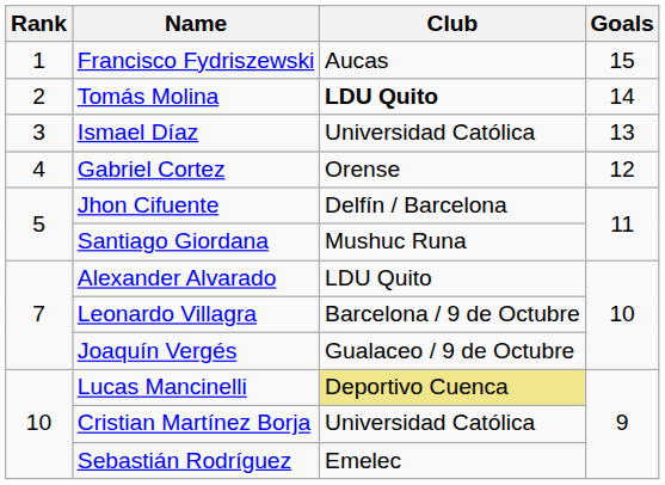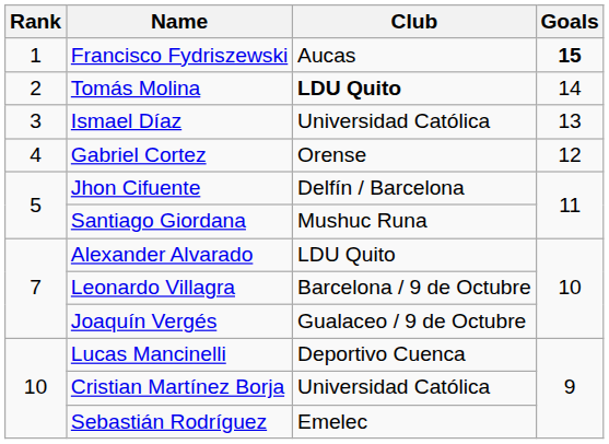 <table class="wikitable" border="1">
 <tr>
 <th>Rank</th>
 <th>Name</th>
 <th>Club</th>
 <th>Goals</th>
 </tr>
 <tr>
 <td align=center>1</td>
 <td> <a href='#'>Francisco Fydriszewski</a></td>
 <td>Aucas</td>
-<td align=center>15</td>
+<td align=center><strong>15</strong></td>
 </tr>
 <tr>
 <td align=center>2</td>
 <td> <a href='#'>Tomás Molina</a></td>
 <td><strong>LDU Quito</strong></td>
 <td align=center>14</td>
 </tr>
 <tr>
 <td align=center>3</td>
 <td> <a href='#'>Ismael Díaz</a></td>
 <td>Universidad Católica</td>
 <td align=center>13</td>
 </tr>
 <tr>
 <td align=center>4</td>
 <td> <a href='#'>Gabriel Cortez</a></td>
 <td>Orense</td>
 <td align=center>12</td>
 </tr>
 <tr>
 <td rowspan=2 align=center>5</td>
 <td> <a href='#'>Jhon Cifuente</a></td>
 <td>Delfín / Barcelona</td>
 <td rowspan=2 align=center>11</td>
 </tr>
 <tr>
 <td> <a href='#'>Santiago Giordana</a></td>
 <td>Mushuc Runa</td>
 </tr>
 <tr>
 <td rowspan=3 align=center>7</td>
 <td> <a href='#'>Alexander Alvarado</a></td>
 <td>LDU Quito</td>
 <td rowspan=3 align=center>10</td>
 </tr>
 <tr>
 <td> <a href='#'>Leonardo Villagra</a></td>
 <td>Barcelona / 9 de Octubre</td>
 </tr>
 <tr>
 <td> <a href='#'>Joaquín Vergés</a></td>
 <td>Gualaceo / 9 de Octubre</td>
 </tr>
 <tr>
 <td rowspan=3 align=center>10</td>
 <td> <a href='#'>Lucas Mancinelli</a></td>
-<td style="background: khaki;">Deportivo Cuenca</td>
+<td>Deportivo Cuenca</td>
 <td rowspan=3 align=center>9</td>
 </tr>
 <tr>
 <td> <a href='#'>Cristian Martínez Borja</a></td>
 <td>Universidad Católica</td>
 </tr>
 <tr>
 <td> <a href='#'>Sebastián Rodríguez</a></td>
 <td>Emelec</td>
 </tr>
 </table>
